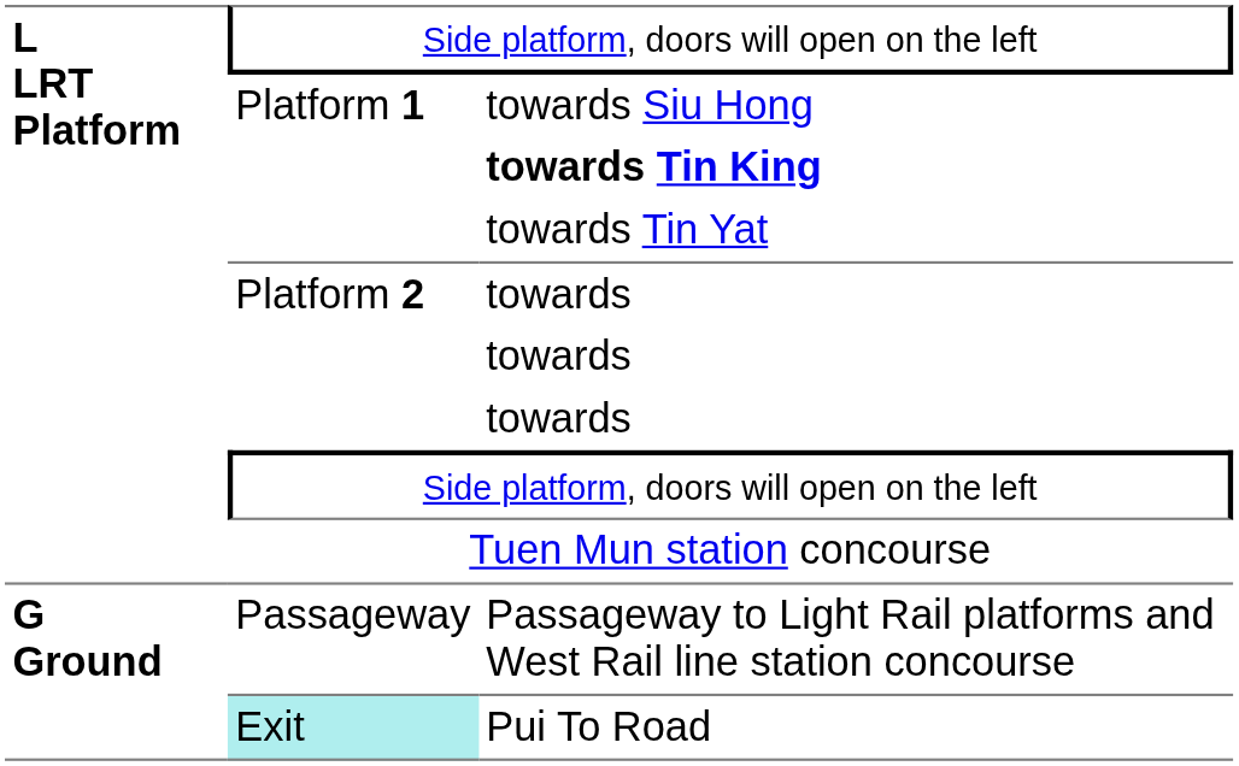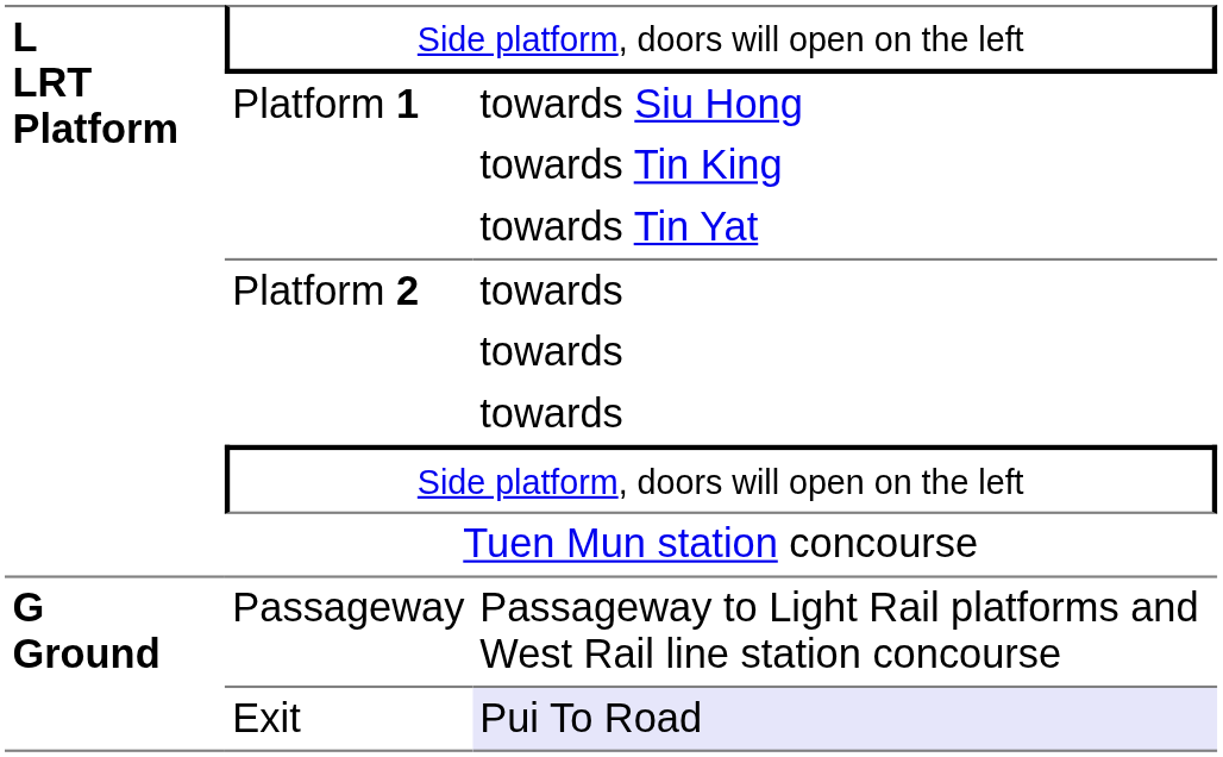 <table table border=0 cellspacing=0 cellpadding=3>
 <tr>
 <td style="border-top:solid 1px gray;border-bottom:solid 1px gray;" width=80 rowspan=9 valign=top><strong>L<br>LRT Platform</strong></td>
 <td style="border-top:solid 1px gray;border-right:solid 2px black;border-left:solid 2px black;border-bottom:solid 2px black;text-align:center;" colspan=2><small><a href='#'>Side platform</a>, doors will open on the left</small></td>
 </tr>
 <tr>
 <td style="border-bottom:solid 1px gray;" rowspan=3 valign=top>Platform <span><strong>1</strong></span></td>
 <td> towards <a href='#'>Siu Hong</a></td>
 </tr>
 <tr>
-<td><strong> towards <a href='#'>Tin King</a></strong></td>
+<td> towards <a href='#'>Tin King</a></td>
 </tr>
 <tr>
 <td style="border-bottom:solid 1px gray;"> towards <a href='#'>Tin Yat</a></td>
 </tr>
 <tr>
 <td rowspan=3 valign=top>Platform <span><strong>2</strong></span></td>
 <td> towards </td>
 </tr>
 <tr>
 <td> towards </td>
 </tr>
 <tr>
 <td> towards </td>
 </tr>
 <tr>
 <td style="border-top:solid 2px black;border-right:solid 2px black;border-left:solid 2px black;border-bottom:solid 1px gray;text-align:center;" colspan=2><small><a href='#'>Side platform</a>, doors will open on the left</small></td>
 </tr>
 <tr>
 <td style="border-bottom:solid 1px gray;text-align:center"; colspan=2 valign:top;> <a href='#'>Tuen Mun station</a> concourse</td>
 </tr>
 <tr>
 <td style="border-bottom:solid 1px gray;" rowspan=2 valign=top><strong>G<br>Ground</strong></td>
 <td style="border-bottom:solid 1px gray;" valign=top>Passageway</td>
 <td style="border-bottom:solid 1px gray;" width=285 valign=top>Passageway to Light Rail platforms and West Rail line station concourse</td>
 </tr>
 <tr>
-<td style="background: paleturquoise; border-bottom:solid 1px gray;" valign=top>Exit</td>
-<td style="border-bottom:solid 1px gray;" valign=top>Pui To Road</td>
+<td style="border-bottom:solid 1px gray;" valign=top>Exit</td>
+<td style="background: lavender; border-bottom:solid 1px gray;" valign=top>Pui To Road</td>
 </tr>
 </table>
